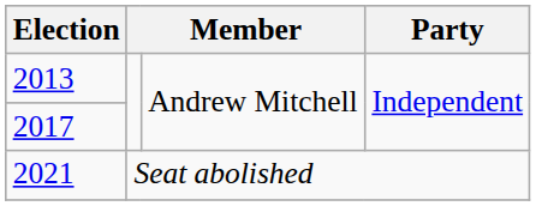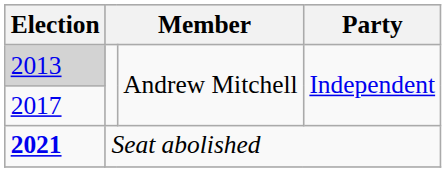 <table class="wikitable">
 <tr>
 <th>Election</th>
 <th colspan="2">Member</th>
 <th>Party</th>
 </tr>
 <tr>
-<td><a href='#'>2013</a></td>
+<td style="background: lightgrey;"><a href='#'>2013</a></td>
 <td rowspan="2" style="background-color: "></td>
 <td rowspan="2">Andrew Mitchell</td>
 <td rowspan="2"><a href='#'>Independent</a></td>
 </tr>
 <tr>
 <td><a href='#'>2017</a></td>
 </tr>
 <tr>
-<td><a href='#'>2021</a></td>
+<td><strong><a href='#'>2021</a></strong></td>
 <td colspan="3"><em>Seat abolished</em></td>
 </tr>
 </table>
